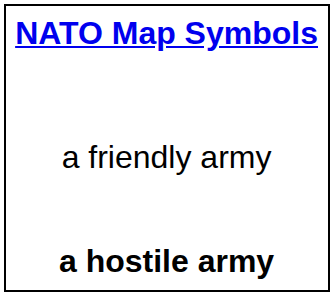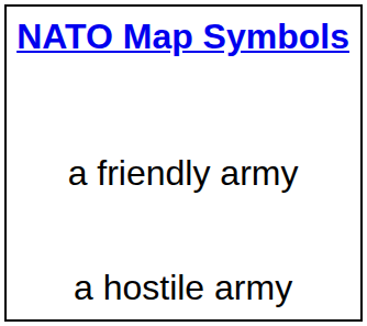 <table class="floatright" style="border:1px solid black; background:white;float: right;text-align: center" cellpadding="3">
 <tr>
 <th><a href='#'>NATO Map Symbols</a></th>
 </tr>
 <tr>
 <td></td>
 </tr>
 <tr>
 </tr>
 <tr>
 <td><br></td>
 </tr>
 <tr>
 <td>a friendly army</td>
 </tr>
 <tr>
 <td><br></td>
 </tr>
 <tr>
-<td><strong>a hostile army</strong></td>
+<td>a hostile army</td>
 </tr>
 </table>
